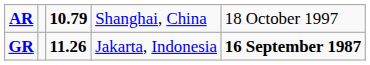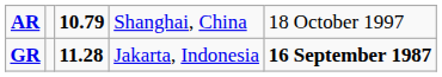 <table class="wikitable" style="font-size:95%; position:relative;">
 <tr>
 <td align=center><strong><a href='#'>AR</a></strong></td>
 <td></td>
 <td><strong>10.79</strong></td>
 <td><a href='#'>Shanghai</a>, <a href='#'>China</a></td>
 <td>18 October 1997</td>
 </tr>
 <tr>
 <td align=center><strong><a href='#'>GR</a></strong></td>
 <td></td>
-<td><strong>11.26</strong></td>
+<td><strong>11.28</strong></td>
 <td><a href='#'>Jakarta</a>, <a href='#'>Indonesia</a></td>
 <td><strong>16 September 1987</strong></td>
 </tr>
 </table>
